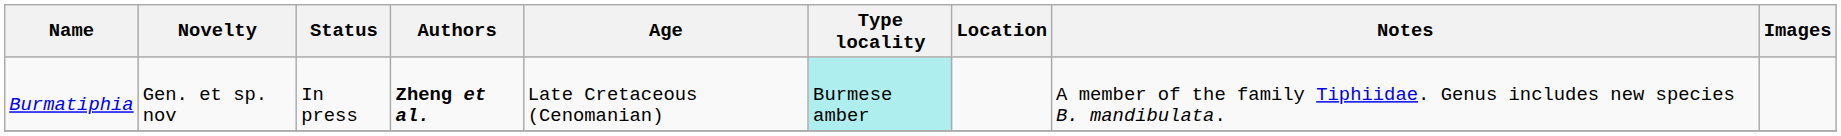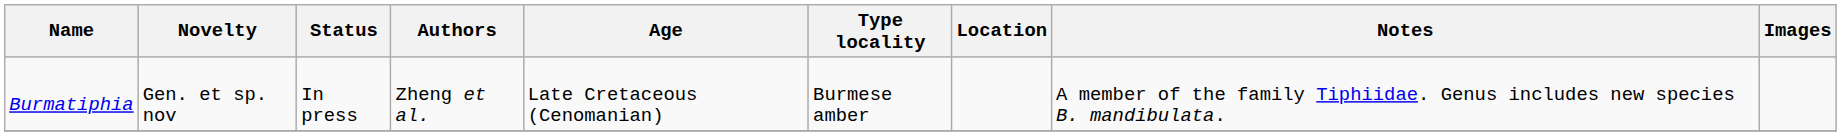 <table class="wikitable sortable" align="center" width="100%">
 <tr>
 <th>Name</th>
 <th>Novelty</th>
 <th>Status</th>
 <th>Authors</th>
 <th>Age</th>
 <th>Type locality</th>
 <th>Location</th>
 <th>Notes</th>
 <th>Images</th>
 </tr>
 <tr>
 <td><br><em><a href='#'>Burmatiphia</a></em></td>
 <td><br>Gen. et sp. nov</td>
 <td><br>In press</td>
-<td><strong><br>Zheng <em>et al.</em></strong></td>
+<td><br>Zheng <em>et al.</em></td>
 <td><br>Late Cretaceous (Cenomanian)</td>
-<td style="background: paleturquoise;"><br>Burmese amber</td>
+<td><br>Burmese amber</td>
 <td><br></td>
 <td><br>A member of the family <a href='#'>Tiphiidae</a>. Genus includes new species <em>B. mandibulata</em>.</td>
 <td></td>
 </tr>
 <tr>
 </tr>
 </table>
